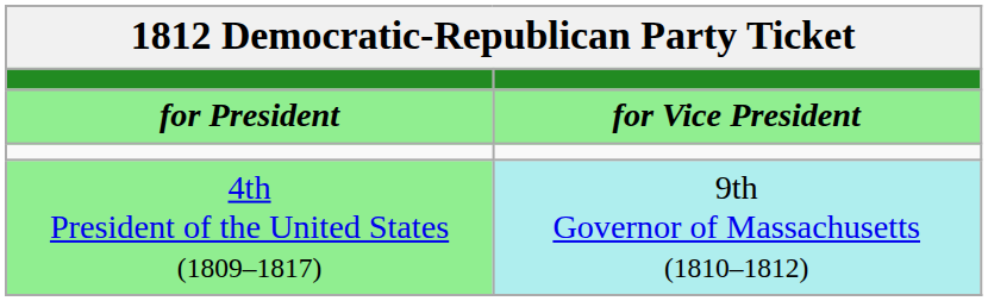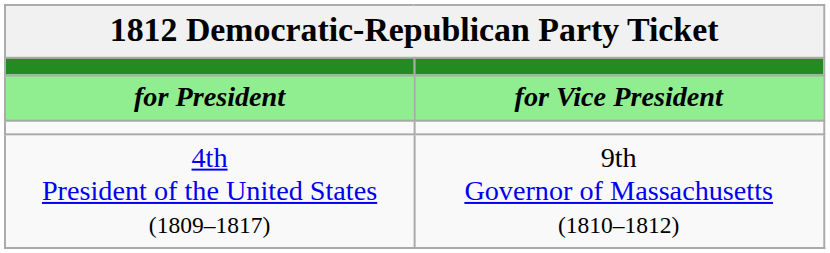 <table class="wikitable" style="font-size:90%; text-align:center;">
 <tr>
 <td style="background:#f1f1f1;" colspan="30"><big><strong>1812 Democratic-Republican Party Ticket</strong></big></td>
 </tr>
 <tr>
 <th style="width:3em; font-size:135%; background:#228B22; width:200px;"><a href='#'></a></th>
 <th style="width:3em; font-size:135%; background:#228B22; width:200px;"><a href='#'></a></th>
 </tr>
 <tr>
 <td style="width:3em; font-size:100%; color:#000; background:#90EE90; width:200px;"><strong><em>for President</em></strong></td>
 <td style="width:3em; font-size:100%; color:#000; background:#90EE90; width:200px;"><strong><em>for Vice President</em></strong></td>
 </tr>
 <tr>
 <td></td>
 <td></td>
 </tr>
 <tr>
-<td style="background: lightgreen;"><a href='#'>4th</a><br><a href='#'>President of the United States</a><br><small>(1809–1817)</small></td>
-<td style="background: paleturquoise;">9th<br><a href='#'>Governor of Massachusetts</a><br><small>(1810–1812)</small></td>
+<td><a href='#'>4th</a><br><a href='#'>President of the United States</a><br><small>(1809–1817)</small></td>
+<td>9th<br><a href='#'>Governor of Massachusetts</a><br><small>(1810–1812)</small></td>
 </tr>
 <tr>
 </tr>
 </table>
